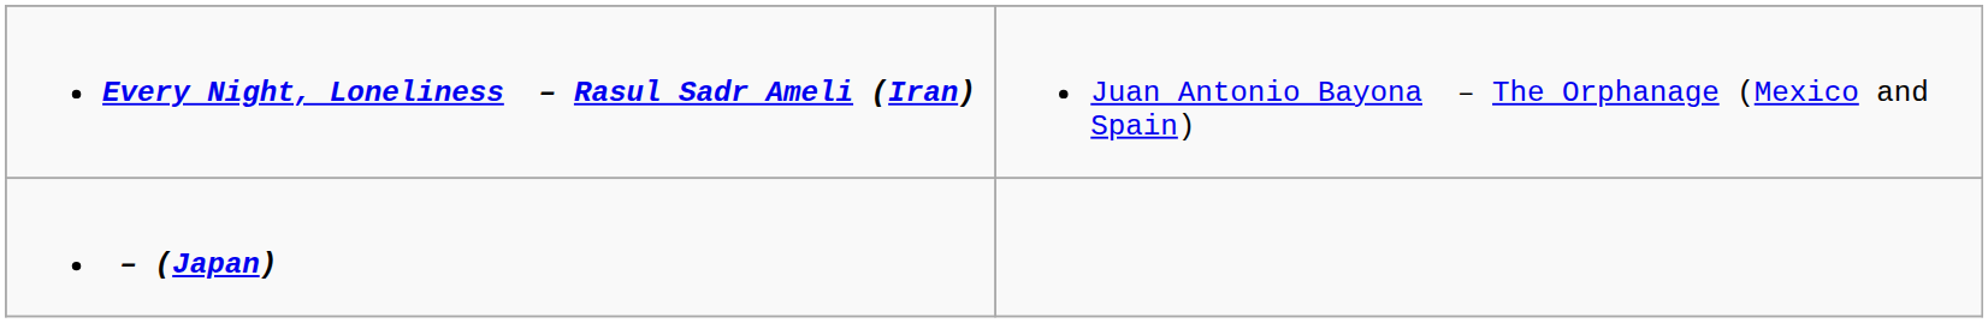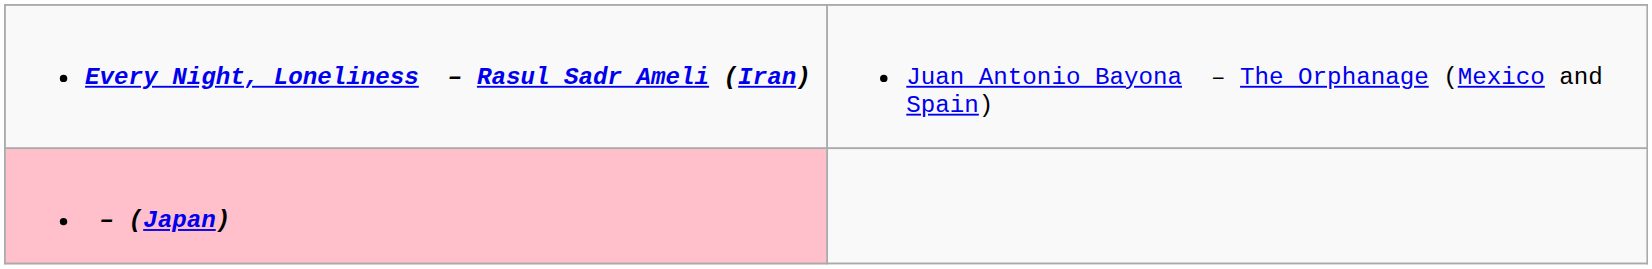 <table class=wikitable width="100%">
 <tr>
 <td valign="top" width="50%"><br><ul><li><strong><em><a href='#'>Every Night, Loneliness</a><em>  – <a href='#'>Rasul Sadr Ameli</a><strong> (<a href='#'>Iran</a>)</li></ul></td>
 <td valign="top" width="50%"><br><ul><li></strong><a href='#'>Juan Antonio Bayona</a>  – </em><a href='#'>The Orphanage</a></em></strong> (<a href='#'>Mexico</a> and <a href='#'>Spain</a>)</li></ul></td>
 </tr>
 <tr>
-<td valign="top" width="50%"><br><ul><li><strong><em><em>  – <strong> (<a href='#'>Japan</a>)</li></ul></td>
+<td valign="top" width="50%" style="background: pink;"><br><ul><li><strong><em><em>  – <strong> (<a href='#'>Japan</a>)</li></ul></td>
 </tr>
 </table>
